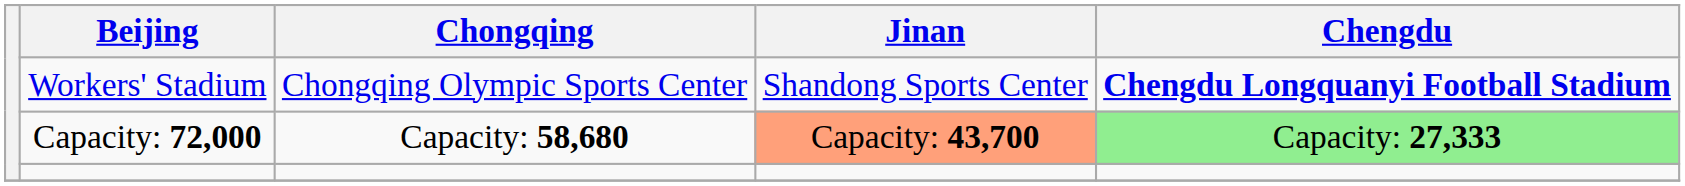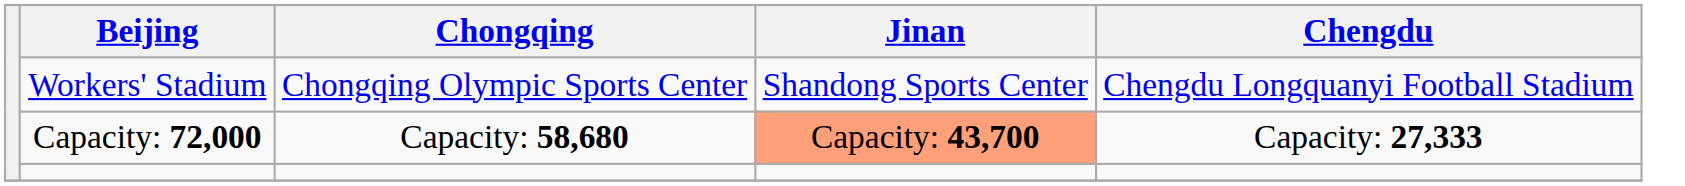 <table class="wikitable" style="text-align:center">
 <tr>
 <th rowspan="4"></th>
 <th><a href='#'>Beijing</a></th>
 <th><a href='#'>Chongqing</a></th>
 <th><a href='#'>Jinan</a></th>
 <th><a href='#'>Chengdu</a></th>
 </tr>
 <tr>
 <td><a href='#'>Workers' Stadium</a></td>
 <td><a href='#'>Chongqing Olympic Sports Center</a></td>
 <td><a href='#'>Shandong Sports Center</a></td>
-<td><strong><a href='#'>Chengdu Longquanyi Football Stadium</a></strong></td>
+<td><a href='#'>Chengdu Longquanyi Football Stadium</a></td>
 </tr>
 <tr |>
 <td>Capacity: <strong>72,000</strong></td>
 <td>Capacity: <strong>58,680</strong></td>
 <td style="background: lightsalmon;">Capacity: <strong>43,700</strong></td>
-<td style="background: lightgreen;">Capacity: <strong>27,333</strong></td>
+<td>Capacity: <strong>27,333</strong></td>
 </tr>
 <tr>
 <td></td>
 <td></td>
 <td></td>
 <td></td>
 </tr>
 <tr>
 </tr>
 </table>
